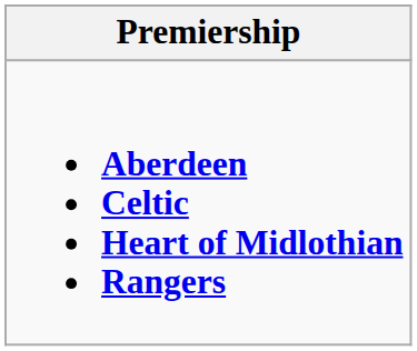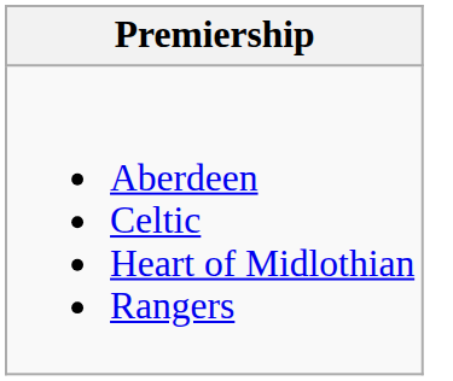 <table class="wikitable">
 <tr>
 <th>Premiership</th>
 </tr>
 <tr>
-<td valign=top><strong><br><ul><li><a href='#'>Aberdeen</a></li><li><a href='#'>Celtic</a></li><li><a href='#'>Heart of Midlothian</a></li><li><a href='#'>Rangers</a></li></ul></strong></td>
+<td valign=top><br><ul><li><a href='#'>Aberdeen</a></li><li><a href='#'>Celtic</a></li><li><a href='#'>Heart of Midlothian</a></li><li><a href='#'>Rangers</a></li></ul></td>
 </tr>
 </table>
